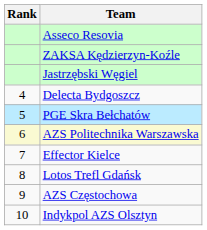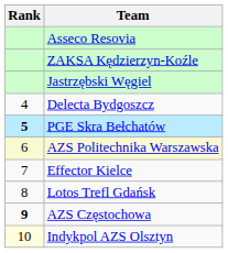 <table class="wikitable" style="white-space: nowrap; width:25%;">
 <tr>
 <th width=15%>Rank</th>
 <th>Team</th>
 </tr>
 <tr bgcolor=#CCFFCC>
 <td style="text-align:center;"></td>
 <td align=left><a href='#'>Asseco Resovia</a></td>
 </tr>
 <tr bgcolor=#CCFFCC>
 <td style="text-align:center;"></td>
 <td><a href='#'>ZAKSA Kędzierzyn-Koźle</a></td>
 </tr>
 <tr bgcolor=#CCFFCC>
 <td style="text-align:center;"></td>
 <td><a href='#'>Jastrzębski Węgiel</a></td>
 </tr>
 <tr>
 <td style="text-align:center;">4</td>
 <td><a href='#'>Delecta Bydgoszcz</a></td>
 </tr>
 <tr bgcolor=#BBEBFF>
-<td style="text-align:center;">5</td>
+<td style="text-align:center;"><strong>5</strong></td>
 <td><a href='#'>PGE Skra Bełchatów</a></td>
 </tr>
 <tr bgcolor=#FAFAD2>
 <td style="text-align:center;">6</td>
 <td><a href='#'>AZS Politechnika Warszawska</a></td>
 </tr>
 <tr>
 <td style="text-align:center;">7</td>
 <td><a href='#'>Effector Kielce</a></td>
 </tr>
 <tr>
 <td style="text-align:center;">8</td>
 <td><a href='#'>Lotos Trefl Gdańsk</a></td>
 </tr>
 <tr>
-<td style="text-align:center;">9</td>
+<td style="text-align:center;"><strong>9</strong></td>
 <td><a href='#'>AZS Częstochowa</a></td>
 </tr>
 <tr>
-<td style="text-align:center;">10</td>
+<td style="background: lightyellow; text-align:center;">10</td>
 <td><a href='#'>Indykpol AZS Olsztyn</a></td>
 </tr>
 </table>
